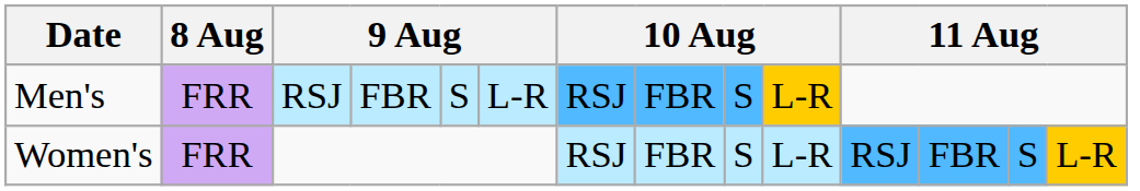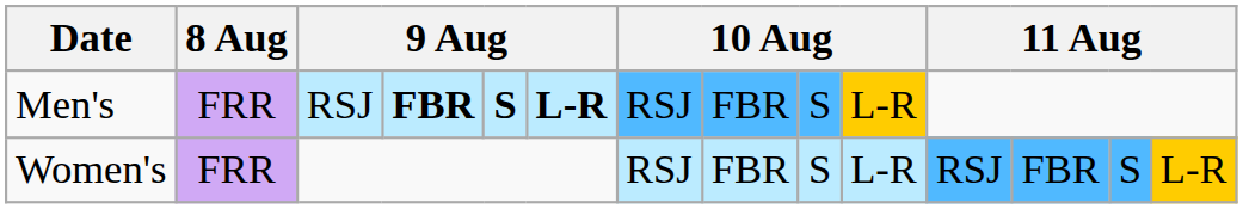 <table class="wikitable">
 <tr>
 <th>Date</th>
 <th>8 Aug</th>
 <th colspan="4">9 Aug</th>
 <th colspan="4">10 Aug</th>
 <th colspan="4">11 Aug</th>
 </tr>
 <tr>
 <td>Men's</td>
 <td align="center" bgcolor="#D0A9F5">FRR</td>
 <td align="center" bgcolor="#BBEBFF">RSJ</td>
-<td align="center" bgcolor="#BBEBFF">FBR</td>
-<td align="center" bgcolor="#BBEBFF">S</td>
-<td align="center" bgcolor="#BBEBFF">L-R</td>
+<td align="center" bgcolor="#BBEBFF"><strong>FBR</strong></td>
+<td align="center" bgcolor="#BBEBFF"><strong>S</strong></td>
+<td align="center" bgcolor="#BBEBFF"><strong>L-R</strong></td>
 <td align="center" bgcolor="#50B9FF">RSJ</td>
 <td align="center" bgcolor="#50B9FF">FBR</td>
 <td align="center" bgcolor="#50B9FF">S</td>
 <td align="center" bgcolor="#FFCC00">L-R</td>
 <td colspan="4"></td>
 </tr>
 <tr>
 <td>Women's</td>
 <td align="center" bgcolor="#D0A9F5">FRR</td>
 <td colspan="4"></td>
 <td align="center" bgcolor="#BBEBFF">RSJ</td>
 <td align="center" bgcolor="#BBEBFF">FBR</td>
 <td align="center" bgcolor="#BBEBFF">S</td>
 <td align="center" bgcolor="#BBEBFF">L-R</td>
 <td align="center" bgcolor="#50B9FF">RSJ</td>
 <td align="center" bgcolor="#50B9FF">FBR</td>
 <td align="center" bgcolor="#50B9FF">S</td>
 <td align="center" bgcolor="#FFCC00">L-R</td>
 </tr>
 </table>
